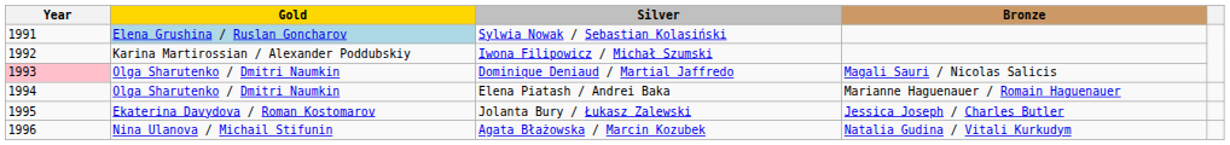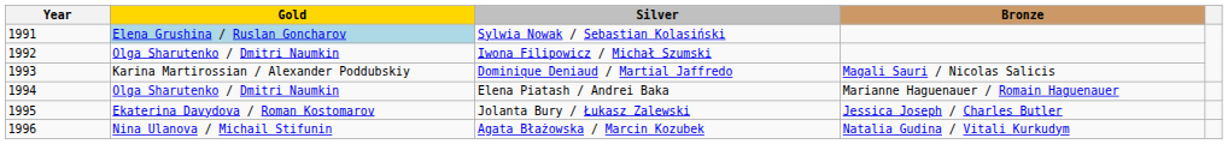 <table class="wikitable unsortable" style="text-align:left; width:85%">
 <tr>
 <th scope="col" style="text-align:center">Year</th>
 <td scope="col" style="text-align:center; width:30%; background:gold"><strong>Gold</strong></td>
 <td scope="col" style="text-align:center; width:30%; background:silver"><strong>Silver</strong></td>
 <td scope="col" style="text-align:center; width:30%; background:#c96"><strong>Bronze</strong></td>
 <th scope="col" style="text-align:center"></th>
 </tr>
 <tr>
 <td>1991</td>
 <td style="background: lightblue;"> <a href='#'>Elena Grushina</a> / <a href='#'>Ruslan Goncharov</a></td>
 <td> <a href='#'>Sylwia Nowak</a> / <a href='#'>Sebastian Kolasiński</a></td>
 <td></td>
 <td rowspan="3"></td>
 </tr>
 <tr>
 <td>1992</td>
-<td> Karina Martirossian / Alexander Poddubskiy</td>
+<td> <a href='#'>Olga Sharutenko</a> / <a href='#'>Dmitri Naumkin</a></td>
 <td> <a href='#'>Iwona Filipowicz</a> / <a href='#'>Michał Szumski</a></td>
 <td></td>
 </tr>
 <tr>
-<td style="background: pink;">1993</td>
-<td> <a href='#'>Olga Sharutenko</a> / <a href='#'>Dmitri Naumkin</a></td>
+<td>1993</td>
+<td> Karina Martirossian / Alexander Poddubskiy</td>
 <td> <a href='#'>Dominique Deniaud</a> / <a href='#'>Martial Jaffredo</a></td>
 <td> <a href='#'>Magali Sauri</a> / Nicolas Salicis</td>
 </tr>
 <tr>
 <td>1994</td>
 <td> <a href='#'>Olga Sharutenko</a> / <a href='#'>Dmitri Naumkin</a></td>
 <td> Elena Piatash / Andrei Baka</td>
 <td> Marianne Haguenauer / <a href='#'>Romain Haguenauer</a></td>
 <td></td>
 </tr>
 <tr>
 <td>1995</td>
 <td> <a href='#'>Ekaterina Davydova</a> / <a href='#'>Roman Kostomarov</a></td>
 <td> Jolanta Bury / <a href='#'>Łukasz Zalewski</a></td>
 <td> <a href='#'>Jessica Joseph</a> / <a href='#'>Charles Butler</a></td>
 <td></td>
 </tr>
 <tr>
 <td>1996</td>
 <td> <a href='#'>Nina Ulanova</a> / <a href='#'>Michail Stifunin</a></td>
 <td> <a href='#'>Agata Błażowska</a> / <a href='#'>Marcin Kozubek</a></td>
 <td> <a href='#'>Natalia Gudina</a> / <a href='#'>Vitali Kurkudym</a></td>
 <td></td>
 </tr>
 </table>
